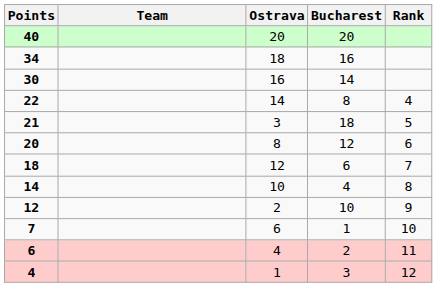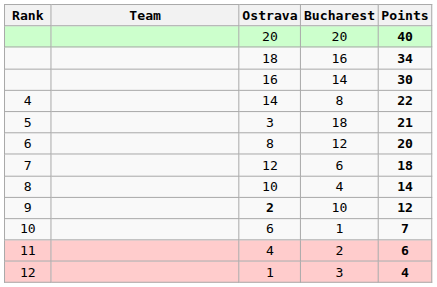 <table class="wikitable" style="text-align: center;">
 <tr>
-<th width=40>Points</th>
+<th width=40>Rank</th>
 <th width=180>Team</th>
 <th width=40>Ostrava</th>
 <th width=40>Bucharest</th>
-<th width=40>Rank</th>
+<th width=40>Points</th>
 </tr>
 <tr bgcolor=ccffcc>
-<td><strong>40</strong></td>
+<td></td>
 <td align=left></td>
 <td>20</td>
 <td>20</td>
-<td></td>
+<td><strong>40</strong></td>
 </tr>
 <tr>
-<td><strong>34</strong></td>
+<td></td>
 <td align=left></td>
 <td>18</td>
 <td>16</td>
-<td></td>
+<td><strong>34</strong></td>
 </tr>
 <tr>
-<td><strong>30</strong></td>
+<td></td>
 <td align=left></td>
 <td>16</td>
 <td>14</td>
-<td></td>
+<td><strong>30</strong></td>
 </tr>
 <tr>
-<td><strong>22</strong></td>
+<td>4</td>
 <td align=left></td>
 <td>14</td>
 <td>8</td>
-<td>4</td>
+<td><strong>22</strong></td>
 </tr>
 <tr>
-<td><strong>21</strong></td>
+<td>5</td>
 <td align=left></td>
 <td>3</td>
 <td>18</td>
-<td>5</td>
+<td><strong>21</strong></td>
 </tr>
 <tr>
-<td><strong>20</strong></td>
+<td>6</td>
 <td align=left></td>
 <td>8</td>
 <td>12</td>
-<td>6</td>
+<td><strong>20</strong></td>
 </tr>
 <tr>
-<td><strong>18</strong></td>
+<td>7</td>
 <td align=left></td>
 <td>12</td>
 <td>6</td>
-<td>7</td>
+<td><strong>18</strong></td>
 </tr>
 <tr>
-<td><strong>14</strong></td>
+<td>8</td>
 <td align=left></td>
 <td>10</td>
 <td>4</td>
-<td>8</td>
+<td><strong>14</strong></td>
 </tr>
 <tr>
+<td>9</td>
+<td align=left></td>
+<td><strong>2</strong></td>
+<td>10</td>
 <td><strong>12</strong></td>
-<td align=left></td>
-<td>2</td>
-<td>10</td>
-<td>9</td>
 </tr>
 <tr>
-<td><strong>7</strong></td>
+<td>10</td>
 <td align=left></td>
 <td>6</td>
 <td>1</td>
-<td>10</td>
+<td><strong>7</strong></td>
 </tr>
 <tr bgcolor=ffcccc>
-<td><strong>6</strong></td>
+<td>11</td>
 <td align=left></td>
 <td>4</td>
 <td>2</td>
-<td>11</td>
+<td><strong>6</strong></td>
 </tr>
 <tr bgcolor=ffcccc>
-<td><strong>4</strong></td>
+<td>12</td>
 <td align=left></td>
 <td>1</td>
 <td>3</td>
-<td>12</td>
+<td><strong>4</strong></td>
 </tr>
 </table>
